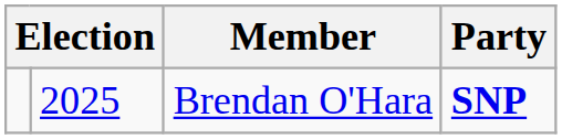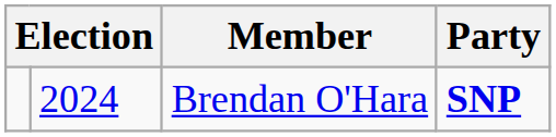 <table class="wikitable">
 <tr>
 <th colspan="2">Election</th>
 <th>Member</th>
 <th>Party</th>
 </tr>
 <tr>
 <td style="color:inherit;background-color: "></td>
-<td><a href='#'>2025</a></td>
+<td><a href='#'>2024</a></td>
 <td><a href='#'>Brendan O'Hara</a></td>
 <td><strong><a href='#'>SNP</a></strong></td>
 </tr>
 </table>
